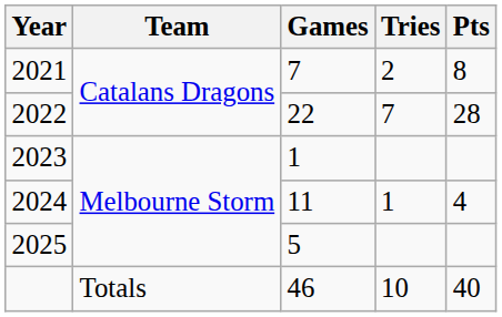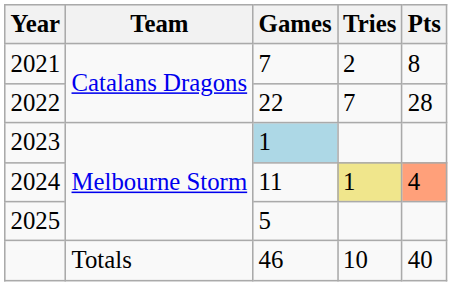 <table class="wikitable">
 <tr>
 <th>Year</th>
 <th>Team</th>
 <th>Games</th>
 <th>Tries</th>
 <th>Pts</th>
 </tr>
 <tr>
 <td>2021</td>
 <td rowspan="2"> <a href='#'>Catalans Dragons</a></td>
 <td>7</td>
 <td>2</td>
 <td>8</td>
 </tr>
 <tr>
 <td>2022</td>
 <td>22</td>
 <td>7</td>
 <td>28</td>
 </tr>
 <tr>
 <td>2023</td>
 <td rowspan="3"> <a href='#'>Melbourne Storm</a></td>
-<td>1</td>
+<td style="background: lightblue;">1</td>
 <td></td>
 <td></td>
 </tr>
 <tr>
 <td>2024</td>
 <td>11</td>
-<td>1</td>
-<td>4</td>
+<td style="background: khaki;">1</td>
+<td style="background: lightsalmon;">4</td>
 </tr>
 <tr>
 <td>2025</td>
 <td>5</td>
 <td></td>
 <td></td>
 </tr>
 <tr>
 <td></td>
 <td>Totals</td>
 <td>46</td>
 <td>10</td>
 <td>40</td>
 </tr>
 </table>
